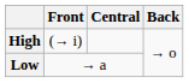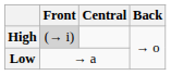 <table class="wikitable" style="text-align:center">
 <tr>
 <th></th>
 <th>Front</th>
 <th>Central</th>
 <th>Back</th>
 </tr>
 <tr>
 <th>High</th>
-<td> (→ i)</td>
+<td style="background: lightgrey;"> (→ i)</td>
 <td></td>
 <td rowspan="2"> → o</td>
 </tr>
 <tr>
 <th>Low</th>
 <td colspan="2"> → a</td>
 </tr>
 </table>
